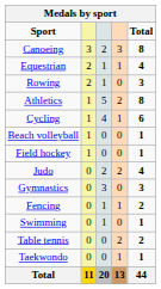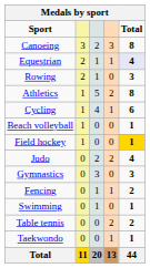 <table class="wikitable" style="font-size:85%">
 <tr style="background:#efefef;">
 <th colspan=5>Medals by sport</th>
 </tr>
 <tr align=center>
 <td><strong>Sport</strong></td>
 <td bgcolor=#f7f6a8></td>
 <td bgcolor=#dce5e5></td>
 <td bgcolor=#ffdab9></td>
 <td><strong>Total</strong></td>
 </tr>
 <tr align=center>
 <td><a href='#'>Canoeing</a></td>
 <td style="background:#F7F6A8;">3</td>
 <td style="background:#DCE5E5;">2</td>
 <td style="background:#FFDAB9;">3</td>
 <td><strong>8</strong></td>
 </tr>
 <tr align=center>
 <td><a href='#'>Equestrian</a></td>
 <td style="background:#F7F6A8;">2</td>
 <td style="background:#DCE5E5;">1</td>
 <td style="background:#FFDAB9;">1</td>
-<td><strong>4</strong></td>
+<td style="background: lavender;"><strong>4</strong></td>
 </tr>
 <tr align=center>
 <td><a href='#'>Rowing</a></td>
 <td style="background:#F7F6A8;">2</td>
 <td style="background:#DCE5E5;">1</td>
 <td style="background:#FFDAB9;">0</td>
 <td><strong>3</strong></td>
 </tr>
 <tr align=center>
 <td><a href='#'>Athletics</a></td>
 <td style="background:#F7F6A8;">1</td>
 <td style="background:#DCE5E5;">5</td>
 <td style="background:#FFDAB9;">2</td>
 <td><strong>8</strong></td>
 </tr>
 <tr align=center>
 <td><a href='#'>Cycling</a></td>
 <td style="background:#F7F6A8;">1</td>
 <td style="background:#DCE5E5;">4</td>
 <td style="background:#FFDAB9;">1</td>
 <td><strong>6</strong></td>
 </tr>
 <tr align=center>
 <td><a href='#'>Beach volleyball</a></td>
 <td style="background:#F7F6A8;">1</td>
 <td style="background:#DCE5E5;">0</td>
 <td style="background:#FFDAB9;">0</td>
 <td><strong>1</strong></td>
 </tr>
 <tr align=center>
 <td><a href='#'>Field hockey</a></td>
 <td style="background:#F7F6A8;">1</td>
 <td style="background:#DCE5E5;">0</td>
 <td style="background:#FFDAB9;">0</td>
-<td><strong>1</strong></td>
+<td style="background: gold;"><strong>1</strong></td>
 </tr>
 <tr align=center>
 <td><a href='#'>Judo</a></td>
 <td style="background:#F7F6A8;">0</td>
 <td style="background:#DCE5E5;">2</td>
 <td style="background:#FFDAB9;">2</td>
 <td><strong>4</strong></td>
 </tr>
 <tr align=center>
 <td><a href='#'>Gymnastics</a></td>
 <td style="background:#F7F6A8;">0</td>
 <td style="background:#DCE5E5;">3</td>
 <td style="background:#FFDAB9;">0</td>
 <td><strong>3</strong></td>
 </tr>
 <tr align=center>
 <td><a href='#'>Fencing</a></td>
 <td style="background:#F7F6A8;">0</td>
 <td style="background:#DCE5E5;">1</td>
 <td style="background:#FFDAB9;">1</td>
 <td><strong>2</strong></td>
 </tr>
 <tr align=center>
 <td><a href='#'>Swimming</a></td>
 <td style="background:#F7F6A8;">0</td>
 <td style="background:#DCE5E5;">1</td>
 <td style="background:#FFDAB9;">0</td>
 <td><strong>1</strong></td>
 </tr>
 <tr align=center>
 <td><a href='#'>Table tennis</a></td>
 <td style="background:#F7F6A8;">0</td>
 <td style="background:#DCE5E5;">0</td>
 <td style="background:#FFDAB9;">2</td>
 <td><strong>2</strong></td>
 </tr>
 <tr align=center>
 <td><a href='#'>Taekwondo</a></td>
 <td style="background:#F7F6A8;">0</td>
 <td style="background:#DCE5E5;">0</td>
 <td style="background:#FFDAB9;">1</td>
 <td><strong>1</strong></td>
 </tr>
 <tr align=center>
 <th>Total</th>
 <th style="background:gold;">11</th>
 <th style="background:silver;">20</th>
 <th style="background:#c96;">13</th>
 <th>44</th>
 </tr>
 </table>
